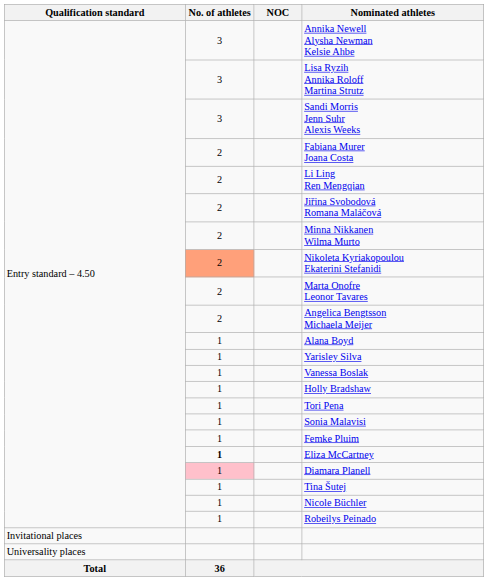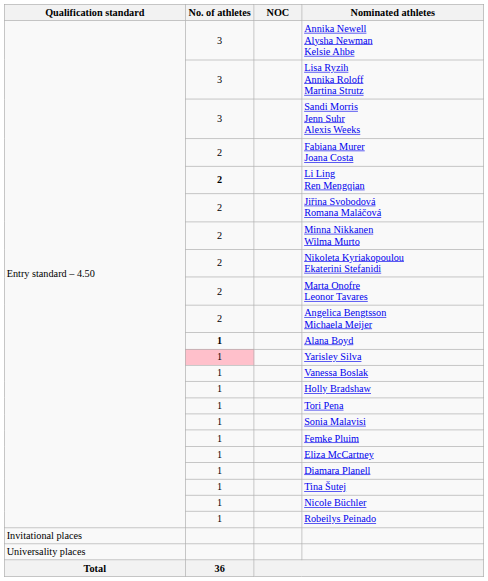 <table class="wikitable"  style="text-align:left; width:750px;">
 <tr>
 <th>Qualification standard</th>
 <th width=100>No. of athletes</th>
 <th>NOC</th>
 <th>Nominated athletes</th>
 </tr>
 <tr>
 <td rowspan=22>Entry standard – 4.50</td>
 <td style="text-align:center;">3</td>
 <td></td>
 <td><a href='#'>Annika Newell</a><br><a href='#'>Alysha Newman</a><br><a href='#'>Kelsie Ahbe</a></td>
 </tr>
 <tr>
 <td style="text-align:center;">3</td>
 <td></td>
 <td><a href='#'>Lisa Ryzih</a><br><a href='#'>Annika Roloff</a><br><a href='#'>Martina Strutz</a></td>
 </tr>
 <tr>
 <td style="text-align:center;">3</td>
 <td></td>
 <td><a href='#'>Sandi Morris</a><br><a href='#'>Jenn Suhr</a><br><a href='#'>Alexis Weeks</a></td>
 </tr>
 <tr>
 <td style="text-align:center;">2</td>
 <td></td>
 <td><a href='#'>Fabiana Murer</a><br><a href='#'>Joana Costa</a></td>
 </tr>
 <tr>
-<td style="text-align:center;">2</td>
+<td style="text-align:center;"><strong>2</strong></td>
 <td></td>
 <td><a href='#'>Li Ling</a><br><a href='#'>Ren Mengqian</a></td>
 </tr>
 <tr>
 <td style="text-align:center;">2</td>
 <td></td>
 <td><a href='#'>Jiřina Svobodová</a><br><a href='#'>Romana Maláčová</a></td>
 </tr>
 <tr>
 <td style="text-align:center;">2</td>
 <td></td>
 <td><a href='#'>Minna Nikkanen</a><br><a href='#'>Wilma Murto</a></td>
 </tr>
 <tr>
-<td style="background: lightsalmon; text-align:center;">2</td>
+<td style="text-align:center;">2</td>
 <td></td>
 <td><a href='#'>Nikoleta Kyriakopoulou</a><br><a href='#'>Ekaterini Stefanidi</a></td>
 </tr>
 <tr>
 <td style="text-align:center;">2</td>
 <td></td>
 <td><a href='#'>Marta Onofre</a><br><a href='#'>Leonor Tavares</a></td>
 </tr>
 <tr>
 <td style="text-align:center;">2</td>
 <td></td>
 <td><a href='#'>Angelica Bengtsson</a><br><a href='#'>Michaela Meijer</a></td>
 </tr>
 <tr>
-<td style="text-align:center;">1</td>
+<td style="text-align:center;"><strong>1</strong></td>
 <td></td>
 <td><a href='#'>Alana Boyd</a></td>
 </tr>
 <tr>
-<td style="text-align:center;">1</td>
+<td style="background: pink; text-align:center;">1</td>
 <td></td>
 <td><a href='#'>Yarisley Silva</a></td>
 </tr>
 <tr>
 <td style="text-align:center;">1</td>
 <td></td>
 <td><a href='#'>Vanessa Boslak</a> </td>
 </tr>
 <tr>
 <td style="text-align:center;">1</td>
 <td></td>
 <td><a href='#'>Holly Bradshaw</a></td>
 </tr>
 <tr>
 <td style="text-align:center;">1</td>
 <td></td>
 <td><a href='#'>Tori Pena</a></td>
 </tr>
 <tr>
 <td style="text-align:center;">1</td>
 <td></td>
 <td><a href='#'>Sonia Malavisi</a></td>
 </tr>
 <tr>
 <td style="text-align:center;">1</td>
 <td></td>
 <td><a href='#'>Femke Pluim</a></td>
 </tr>
 <tr>
-<td style="text-align:center;"><strong>1</strong></td>
+<td style="text-align:center;">1</td>
 <td></td>
 <td><a href='#'>Eliza McCartney</a></td>
 </tr>
 <tr>
-<td style="background: pink; text-align:center;">1</td>
+<td style="text-align:center;">1</td>
 <td></td>
 <td><a href='#'>Diamara Planell</a></td>
 </tr>
 <tr>
 <td style="text-align:center;">1</td>
 <td></td>
 <td><a href='#'>Tina Šutej</a></td>
 </tr>
 <tr>
 <td style="text-align:center;">1</td>
 <td></td>
 <td><a href='#'>Nicole Büchler</a></td>
 </tr>
 <tr>
 <td style="text-align:center;">1</td>
 <td></td>
 <td><a href='#'>Robeilys Peinado</a></td>
 </tr>
 <tr>
 <td>Invitational places</td>
 <td></td>
 <td></td>
 <td></td>
 </tr>
 <tr>
 <td>Universality places</td>
 <td></td>
 <td></td>
 <td></td>
 </tr>
 <tr>
 <th>Total</th>
 <th>36</th>
 <th colspan=2></th>
 </tr>
 </table>
